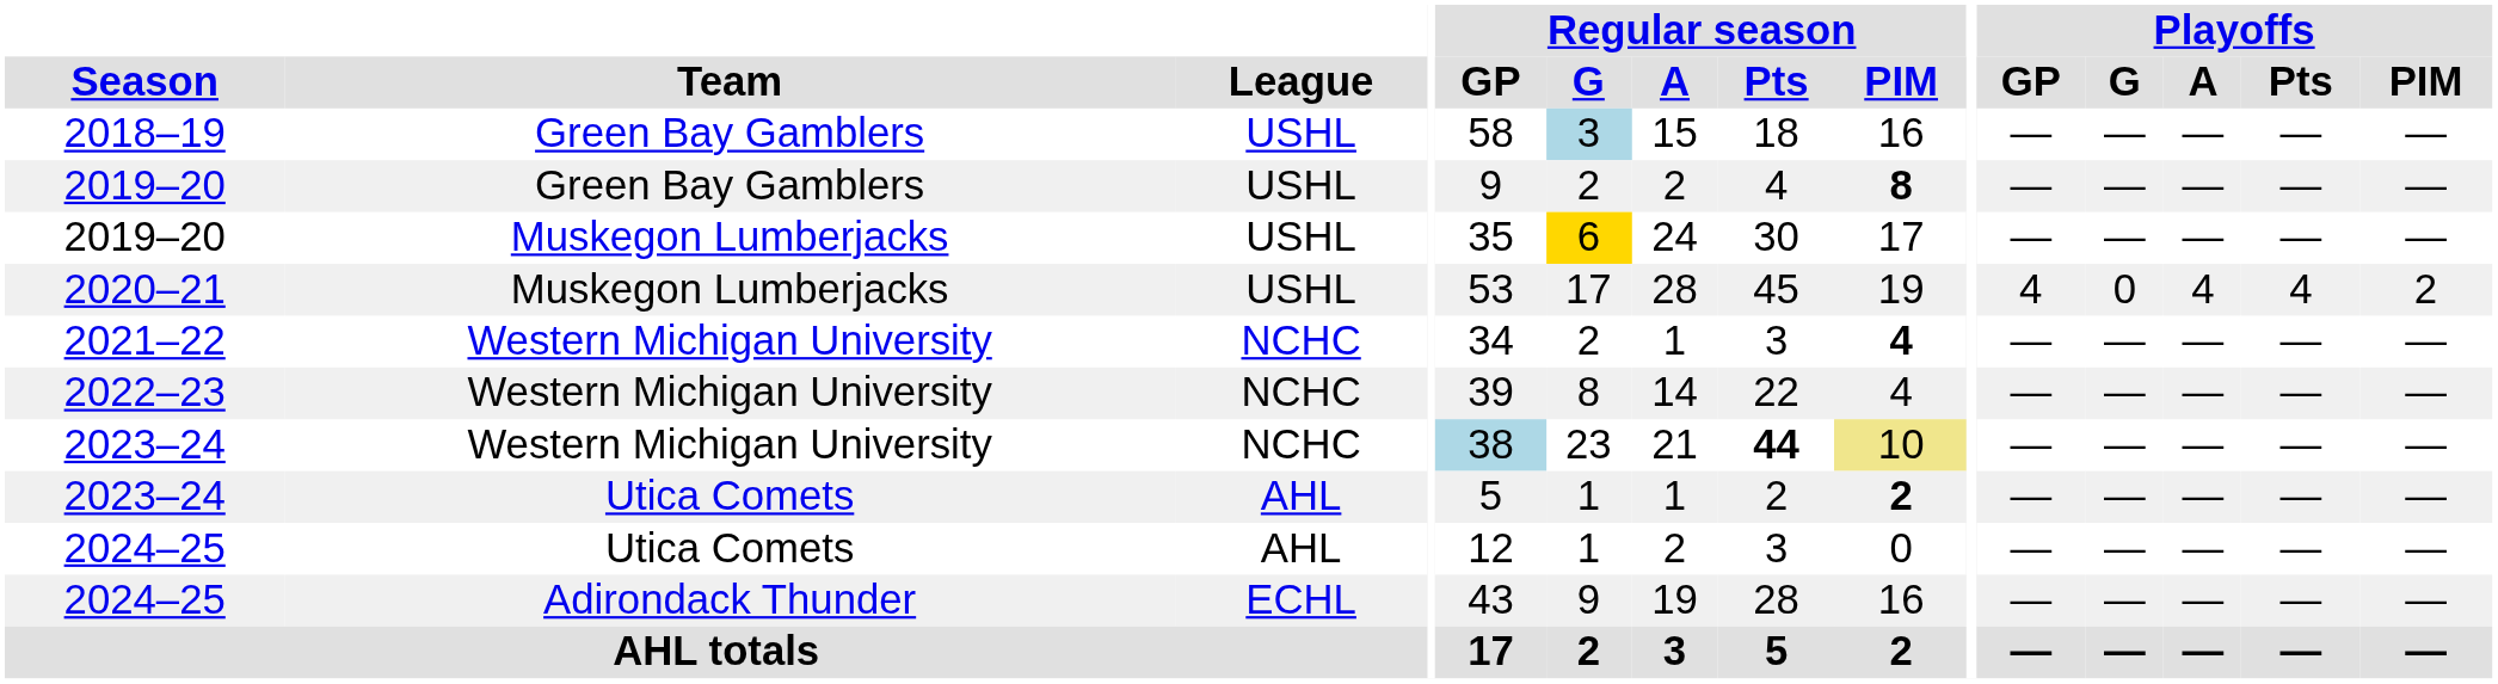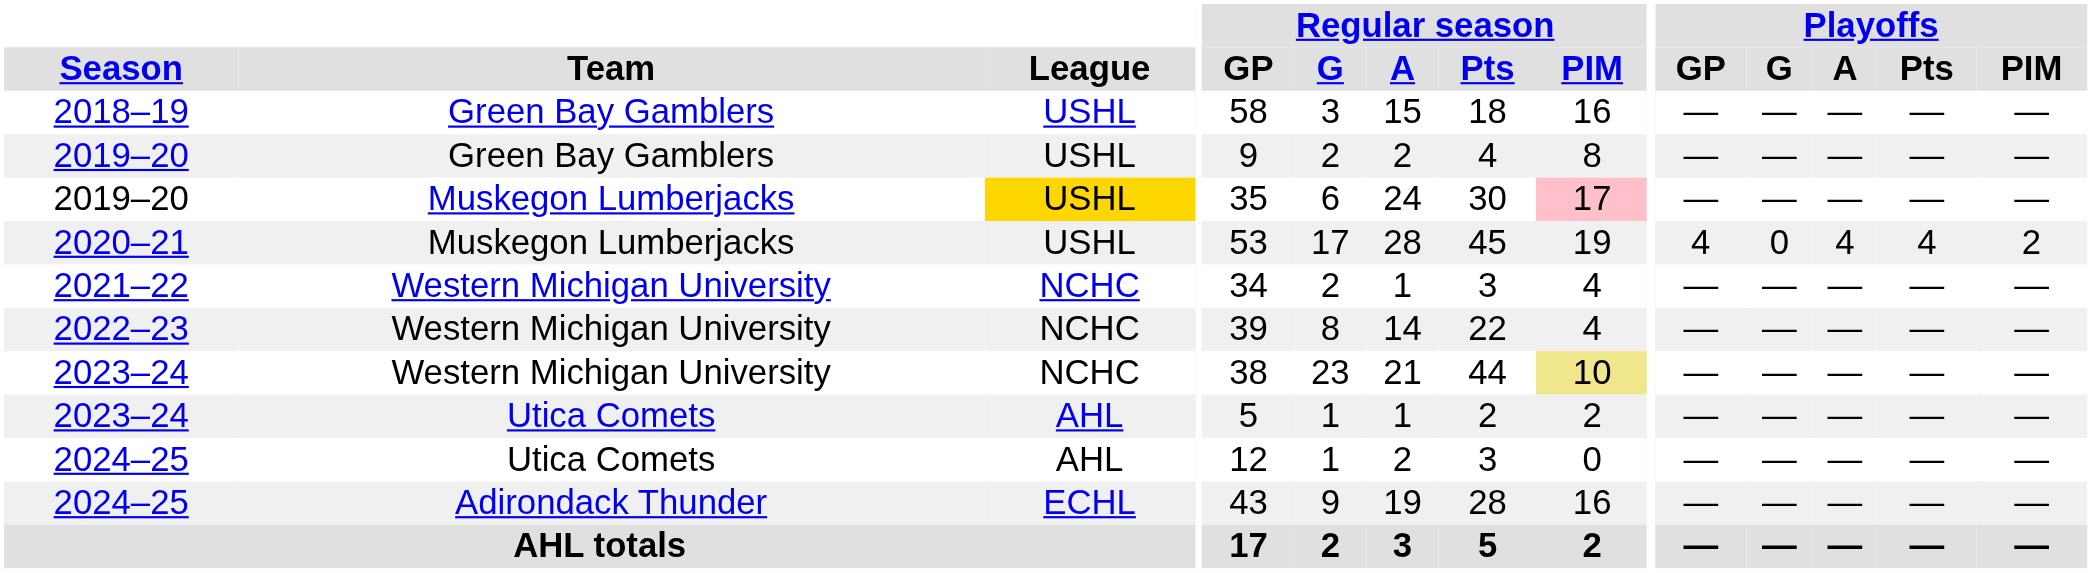 <table border="0" cellpadding="1" cellspacing="0" style="text-align:center; width:60em">
 <tr bgcolor="#e0e0e0">
 <th colspan="3" bgcolor="#ffffff"></th>
 <th rowspan="99" bgcolor="#ffffff"></th>
 <th colspan="5"><a href='#'>Regular season</a></th>
 <th rowspan="99" bgcolor="#ffffff"></th>
 <th colspan="5"><a href='#'>Playoffs</a></th>
 </tr>
 <tr bgcolor="#e0e0e0">
 <th><a href='#'>Season</a></th>
 <th>Team</th>
 <th>League</th>
 <th>GP</th>
 <th><a href='#'>G</a></th>
 <th><a href='#'>A</a></th>
 <th><a href='#'>Pts</a></th>
 <th><a href='#'>PIM</a></th>
 <th>GP</th>
 <th>G</th>
 <th>A</th>
 <th>Pts</th>
 <th>PIM</th>
 </tr>
 <tr>
 <td><a href='#'>2018–19</a></td>
 <td><a href='#'>Green Bay Gamblers</a></td>
 <td><a href='#'>USHL</a></td>
 <td>58</td>
-<td style="background: lightblue;">3</td>
+<td>3</td>
 <td>15</td>
 <td>18</td>
 <td>16</td>
 <td>—</td>
 <td>—</td>
 <td>—</td>
 <td>—</td>
 <td>—</td>
 </tr>
 <tr bgcolor="f0f0f0">
 <td><a href='#'>2019–20</a></td>
 <td>Green Bay Gamblers</td>
 <td>USHL</td>
 <td>9</td>
 <td>2</td>
 <td>2</td>
 <td>4</td>
-<td><strong>8</strong></td>
+<td>8</td>
 <td>—</td>
 <td>—</td>
 <td>—</td>
 <td>—</td>
 <td>—</td>
 </tr>
 <tr>
 <td>2019–20</td>
 <td><a href='#'>Muskegon Lumberjacks</a></td>
-<td>USHL</td>
+<td style="background: gold;">USHL</td>
 <td>35</td>
-<td style="background: gold;">6</td>
+<td>6</td>
 <td>24</td>
 <td>30</td>
-<td>17</td>
+<td style="background: pink;">17</td>
 <td>—</td>
 <td>—</td>
 <td>—</td>
 <td>—</td>
 <td>—</td>
 </tr>
 <tr bgcolor="f0f0f0">
 <td><a href='#'>2020–21</a></td>
 <td>Muskegon Lumberjacks</td>
 <td>USHL</td>
 <td>53</td>
 <td>17</td>
 <td>28</td>
 <td>45</td>
 <td>19</td>
 <td>4</td>
 <td>0</td>
 <td>4</td>
 <td>4</td>
 <td>2</td>
 </tr>
 <tr>
 <td><a href='#'>2021–22</a></td>
 <td><a href='#'>Western Michigan University</a></td>
 <td><a href='#'>NCHC</a></td>
 <td>34</td>
 <td>2</td>
 <td>1</td>
 <td>3</td>
-<td><strong>4</strong></td>
+<td>4</td>
 <td>—</td>
 <td>—</td>
 <td>—</td>
 <td>—</td>
 <td>—</td>
 </tr>
 <tr bgcolor="f0f0f0">
 <td><a href='#'>2022–23</a></td>
 <td>Western Michigan University</td>
 <td>NCHC</td>
 <td>39</td>
 <td>8</td>
 <td>14</td>
 <td>22</td>
 <td>4</td>
 <td>—</td>
 <td>—</td>
 <td>—</td>
 <td>—</td>
 <td>—</td>
 </tr>
 <tr>
 <td><a href='#'>2023–24</a></td>
 <td>Western Michigan University</td>
 <td>NCHC</td>
-<td style="background: lightblue;">38</td>
+<td>38</td>
 <td>23</td>
 <td>21</td>
-<td><strong>44</strong></td>
+<td>44</td>
 <td style="background: khaki;">10</td>
 <td>—</td>
 <td>—</td>
 <td>—</td>
 <td>—</td>
 <td>—</td>
 </tr>
 <tr bgcolor="f0f0f0">
 <td><a href='#'>2023–24</a></td>
 <td><a href='#'>Utica Comets</a></td>
 <td><a href='#'>AHL</a></td>
 <td>5</td>
 <td>1</td>
 <td>1</td>
 <td>2</td>
-<td><strong>2</strong></td>
+<td>2</td>
 <td>—</td>
 <td>—</td>
 <td>—</td>
 <td>—</td>
 <td>—</td>
 </tr>
 <tr>
 <td><a href='#'>2024–25</a></td>
 <td>Utica Comets</td>
 <td>AHL</td>
 <td>12</td>
 <td>1</td>
 <td>2</td>
 <td>3</td>
 <td>0</td>
 <td>—</td>
 <td>—</td>
 <td>—</td>
 <td>—</td>
 <td>—</td>
 </tr>
 <tr bgcolor="f0f0f0">
 <td><a href='#'>2024–25</a></td>
 <td><a href='#'>Adirondack Thunder</a></td>
 <td><a href='#'>ECHL</a></td>
 <td>43</td>
 <td>9</td>
 <td>19</td>
 <td>28</td>
 <td>16</td>
 <td>—</td>
 <td>—</td>
 <td>—</td>
 <td>—</td>
 <td>—</td>
 </tr>
 <tr bgcolor="#e0e0e0">
 <th colspan="3">AHL totals</th>
 <th>17</th>
 <th>2</th>
 <th>3</th>
 <th>5</th>
 <th>2</th>
 <th>—</th>
 <th>—</th>
 <th>—</th>
 <th>—</th>
 <th>—</th>
 </tr>
 </table>
